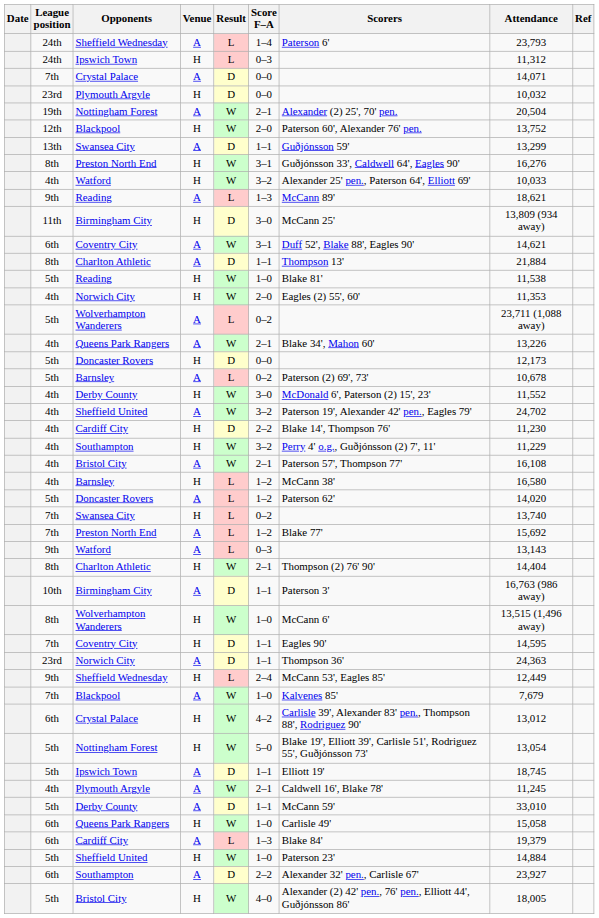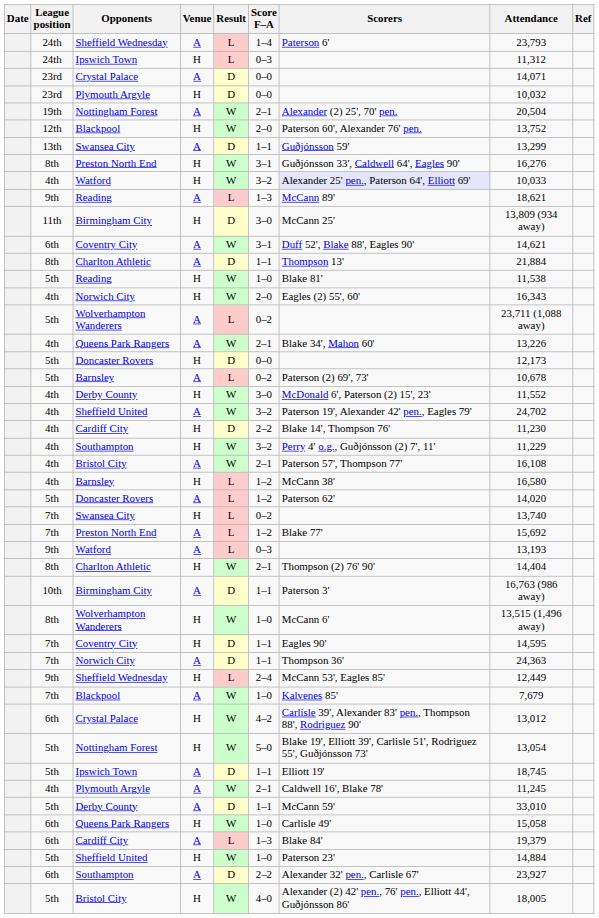 <table class="wikitable plainrowheaders sortable" style="text-align:center">
 <tr>
 <th scope="col">Date</th>
 <th scope="col">League<br>position</th>
 <th scope="col">Opponents</th>
 <th scope="col">Venue</th>
 <th scope="col">Result</th>
 <th scope="col">Score<br>F–A</th>
 <th scope="col" class="unsortable">Scorers</th>
 <th scope="col">Attendance</th>
 <th scope="col" class="unsortable">Ref</th>
 </tr>
 <tr>
 <th scope="row"></th>
 <td>24th</td>
 <td align="left"><a href='#'>Sheffield Wednesday</a></td>
 <td><a href='#'>A</a></td>
 <td bgcolor="ffcccc">L</td>
 <td>1–4</td>
 <td align="left"><a href='#'>Paterson</a> 6'</td>
 <td>23,793</td>
 <td></td>
 </tr>
 <tr>
 <th scope="row"></th>
 <td>24th</td>
 <td align="left"><a href='#'>Ipswich Town</a></td>
 <td>H</td>
 <td bgcolor="ffcccc">L</td>
 <td>0–3</td>
 <td align="left"></td>
 <td>11,312</td>
 <td></td>
 </tr>
 <tr>
 <th scope="row"></th>
-<td>7th</td>
+<td>23rd</td>
 <td align="left"><a href='#'>Crystal Palace</a></td>
 <td><a href='#'>A</a></td>
 <td bgcolor="#ffffcc">D</td>
 <td>0–0</td>
 <td align="left"></td>
 <td>14,071</td>
 <td></td>
 </tr>
 <tr>
 <th scope="row"></th>
 <td>23rd</td>
 <td align="left"><a href='#'>Plymouth Argyle</a></td>
 <td>H</td>
 <td bgcolor="#ffffcc">D</td>
 <td>0–0</td>
 <td align="left"></td>
 <td>10,032</td>
 <td></td>
 </tr>
 <tr>
 <th scope="row"></th>
 <td>19th</td>
 <td align="left"><a href='#'>Nottingham Forest</a></td>
 <td><a href='#'>A</a></td>
 <td bgcolor="#ccffcc">W</td>
 <td>2–1</td>
 <td align="left"><a href='#'>Alexander</a> (2) 25', 70' <a href='#'>pen.</a></td>
 <td>20,504</td>
 <td></td>
 </tr>
 <tr>
 <th scope="row"></th>
 <td>12th</td>
 <td align="left"><a href='#'>Blackpool</a></td>
 <td>H</td>
 <td bgcolor="#ccffcc">W</td>
 <td>2–0</td>
 <td align="left">Paterson 60', Alexander 76' <a href='#'>pen.</a></td>
 <td>13,752</td>
 <td></td>
 </tr>
 <tr>
 <th scope="row"></th>
 <td>13th</td>
 <td align="left"><a href='#'>Swansea City</a></td>
 <td><a href='#'>A</a></td>
 <td bgcolor="#ffffcc">D</td>
 <td>1–1</td>
 <td align="left"><a href='#'>Guðjónsson</a> 59'</td>
 <td>13,299</td>
 <td></td>
 </tr>
 <tr>
 <th scope="row"></th>
 <td>8th</td>
 <td align="left"><a href='#'>Preston North End</a></td>
 <td>H</td>
 <td bgcolor="#ccffcc">W</td>
 <td>3–1</td>
 <td align="left">Guðjónsson 33', <a href='#'>Caldwell</a> 64', <a href='#'>Eagles</a> 90'</td>
 <td>16,276</td>
 <td></td>
 </tr>
 <tr>
 <th scope="row"></th>
 <td>4th</td>
 <td align="left"><a href='#'>Watford</a></td>
 <td>H</td>
 <td bgcolor="#ccffcc">W</td>
 <td>3–2</td>
-<td align="left">Alexander 25' <a href='#'>pen.</a>, Paterson 64', <a href='#'>Elliott</a> 69'</td>
+<td align="left" style="background: lavender;">Alexander 25' <a href='#'>pen.</a>, Paterson 64', <a href='#'>Elliott</a> 69'</td>
 <td>10,033</td>
 <td></td>
 </tr>
 <tr>
 <th scope="row"></th>
 <td>9th</td>
 <td align="left"><a href='#'>Reading</a></td>
 <td><a href='#'>A</a></td>
 <td bgcolor="#ffcccc">L</td>
 <td>1–3</td>
 <td align="left"><a href='#'>McCann</a> 89'</td>
 <td>18,621</td>
 <td></td>
 </tr>
 <tr>
 <th scope="row"></th>
 <td>11th</td>
 <td align="left"><a href='#'>Birmingham City</a></td>
 <td>H</td>
 <td bgcolor="#ffffcc">D</td>
 <td>3–0</td>
 <td align="left">McCann 25'</td>
 <td>13,809 (934 away)</td>
 <td></td>
 </tr>
 <tr>
 <th scope="row"></th>
 <td>6th</td>
 <td align="left"><a href='#'>Coventry City</a></td>
 <td><a href='#'>A</a></td>
 <td bgcolor="#ccffcc">W</td>
 <td>3–1</td>
 <td align="left"><a href='#'>Duff</a> 52', <a href='#'>Blake</a> 88', Eagles 90'</td>
 <td>14,621</td>
 <td></td>
 </tr>
 <tr>
 <th scope="row"></th>
 <td>8th</td>
 <td align="left"><a href='#'>Charlton Athletic</a></td>
 <td><a href='#'>A</a></td>
 <td bgcolor="#ffffcc">D</td>
 <td>1–1</td>
 <td align="left"><a href='#'>Thompson</a> 13'</td>
 <td>21,884</td>
 <td></td>
 </tr>
 <tr>
 <th scope="row"></th>
 <td>5th</td>
 <td align="left"><a href='#'>Reading</a></td>
 <td>H</td>
 <td bgcolor="#ccffcc">W</td>
 <td>1–0</td>
 <td align="left">Blake 81'</td>
 <td>11,538</td>
 <td></td>
 </tr>
 <tr>
 <th scope="row"></th>
 <td>4th</td>
 <td align="left"><a href='#'>Norwich City</a></td>
 <td>H</td>
 <td bgcolor="#ccffcc">W</td>
 <td>2–0</td>
 <td align="left">Eagles (2) 55', 60'</td>
-<td>11,353</td>
+<td>16,343</td>
 <td></td>
 </tr>
 <tr>
 <th scope="row"></th>
 <td>5th</td>
 <td align="left"><a href='#'>Wolverhampton Wanderers</a></td>
 <td><a href='#'>A</a></td>
 <td bgcolor="#ffcccc">L</td>
 <td>0–2</td>
 <td></td>
 <td>23,711 (1,088 away)</td>
 <td></td>
 </tr>
 <tr>
 <th scope="row"></th>
 <td>4th</td>
 <td align="left"><a href='#'>Queens Park Rangers</a></td>
 <td><a href='#'>A</a></td>
 <td bgcolor="#ccffcc">W</td>
 <td>2–1</td>
 <td align="left">Blake 34', <a href='#'>Mahon</a> 60'</td>
 <td>13,226</td>
 <td></td>
 </tr>
 <tr>
 <th scope="row"></th>
 <td>5th</td>
 <td align="left"><a href='#'>Doncaster Rovers</a></td>
 <td>H</td>
 <td bgcolor="#ffffcc">D</td>
 <td>0–0</td>
 <td align="left"></td>
 <td>12,173</td>
 <td></td>
 </tr>
 <tr>
 <th scope="row"></th>
 <td>5th</td>
 <td align="left"><a href='#'>Barnsley</a></td>
 <td><a href='#'>A</a></td>
 <td bgcolor="#ffcccc">L</td>
 <td>0–2</td>
 <td align="left">Paterson (2) 69', 73'</td>
 <td>10,678</td>
 <td></td>
 </tr>
 <tr>
 <th scope="row"></th>
 <td>4th</td>
 <td align="left"><a href='#'>Derby County</a></td>
 <td>H</td>
 <td bgcolor="#ccffcc">W</td>
 <td>3–0</td>
 <td align="left"><a href='#'>McDonald</a> 6', Paterson (2) 15', 23'</td>
 <td>11,552</td>
 <td></td>
 </tr>
 <tr>
 <th scope="row"></th>
 <td>4th</td>
 <td align="left"><a href='#'>Sheffield United</a></td>
 <td><a href='#'>A</a></td>
 <td bgcolor="#ccffcc">W</td>
 <td>3–2</td>
 <td align="left">Paterson 19', Alexander 42' <a href='#'>pen.</a>, Eagles 79'</td>
 <td>24,702</td>
 <td></td>
 </tr>
 <tr>
 <th scope="row"></th>
 <td>4th</td>
 <td align="left"><a href='#'>Cardiff City</a></td>
 <td>H</td>
 <td bgcolor="#ffffcc">D</td>
 <td>2–2</td>
 <td align="left">Blake 14', Thompson 76'</td>
 <td>11,230</td>
 <td></td>
 </tr>
 <tr>
 <th scope="row"></th>
 <td>4th</td>
 <td align="left"><a href='#'>Southampton</a></td>
 <td>H</td>
 <td bgcolor="#ccffcc">W</td>
 <td>3–2</td>
 <td align="left"><a href='#'>Perry</a> 4' <a href='#'>o.g.</a>, Guðjónsson (2) 7', 11'</td>
 <td>11,229</td>
 <td></td>
 </tr>
 <tr>
 <th scope="row"></th>
 <td>4th</td>
 <td align="left"><a href='#'>Bristol City</a></td>
 <td><a href='#'>A</a></td>
 <td bgcolor="#ccffcc">W</td>
 <td>2–1</td>
 <td align="left">Paterson 57', Thompson 77'</td>
 <td>16,108</td>
 <td></td>
 </tr>
 <tr>
 <th scope="row"></th>
 <td>4th</td>
 <td align="left"><a href='#'>Barnsley</a></td>
 <td>H</td>
 <td bgcolor="#ffcccc">L</td>
 <td>1–2</td>
 <td align="left">McCann 38'</td>
 <td>16,580</td>
 <td></td>
 </tr>
 <tr>
 <th scope="row"></th>
 <td>5th</td>
 <td align="left"><a href='#'>Doncaster Rovers</a></td>
 <td><a href='#'>A</a></td>
 <td bgcolor="#ffcccc">L</td>
 <td>1–2</td>
 <td align="left">Paterson 62'</td>
 <td>14,020</td>
 <td></td>
 </tr>
 <tr>
 <th scope="row"></th>
 <td>7th</td>
 <td align="left"><a href='#'>Swansea City</a></td>
 <td>H</td>
 <td bgcolor="#ffcccc">L</td>
 <td>0–2</td>
 <td align="left"></td>
 <td>13,740</td>
 <td></td>
 </tr>
 <tr>
 <th scope="row"></th>
 <td>7th</td>
 <td align="left"><a href='#'>Preston North End</a></td>
 <td><a href='#'>A</a></td>
 <td bgcolor="#ffcccc">L</td>
 <td>1–2</td>
 <td align="left">Blake 77'</td>
 <td>15,692</td>
 <td></td>
 </tr>
 <tr>
 <th scope="row"></th>
 <td>9th</td>
 <td align="left"><a href='#'>Watford</a></td>
 <td><a href='#'>A</a></td>
 <td bgcolor="#ffcccc">L</td>
 <td>0–3</td>
 <td align="left"></td>
-<td>13,143</td>
+<td>13,193</td>
 <td></td>
 </tr>
 <tr>
 <th scope="row"></th>
 <td>8th</td>
 <td align="left"><a href='#'>Charlton Athletic</a></td>
 <td>H</td>
 <td bgcolor="#ccffcc">W</td>
 <td>2–1</td>
 <td align="left">Thompson (2) 76' 90'</td>
 <td>14,404</td>
 <td></td>
 </tr>
 <tr>
 <th scope="row"></th>
 <td>10th</td>
 <td align="left"><a href='#'>Birmingham City</a></td>
 <td><a href='#'>A</a></td>
 <td bgcolor="#ffffcc">D</td>
 <td>1–1</td>
 <td align="left">Paterson 3'</td>
 <td>16,763 (986 away)</td>
 <td></td>
 </tr>
 <tr>
 <th scope="row"></th>
 <td>8th</td>
 <td align="left"><a href='#'>Wolverhampton Wanderers</a></td>
 <td>H</td>
 <td bgcolor="#ccffcc">W</td>
 <td>1–0</td>
 <td align="left">McCann 6'</td>
 <td>13,515 (1,496 away)</td>
 <td></td>
 </tr>
 <tr>
 <th scope="row"></th>
 <td>7th</td>
 <td align="left"><a href='#'>Coventry City</a></td>
 <td>H</td>
 <td bgcolor="#ffffcc">D</td>
 <td>1–1</td>
 <td align="left">Eagles 90'</td>
 <td>14,595</td>
 <td></td>
 </tr>
 <tr>
 <th scope="row"></th>
-<td>23rd</td>
+<td>7th</td>
 <td align="left"><a href='#'>Norwich City</a></td>
 <td><a href='#'>A</a></td>
 <td bgcolor="#ffffcc">D</td>
 <td>1–1</td>
 <td align="left">Thompson 36'</td>
 <td>24,363</td>
 <td></td>
 </tr>
 <tr>
 <th scope="row"></th>
 <td>9th</td>
 <td align="left"><a href='#'>Sheffield Wednesday</a></td>
 <td>H</td>
 <td bgcolor="#ffcccc">L</td>
 <td>2–4</td>
 <td align="left">McCann 53', Eagles 85'</td>
 <td>12,449</td>
 <td></td>
 </tr>
 <tr>
 <th scope="row"></th>
 <td>7th</td>
 <td align="left"><a href='#'>Blackpool</a></td>
 <td><a href='#'>A</a></td>
 <td bgcolor="#ccffcc">W</td>
 <td>1–0</td>
 <td align="left"><a href='#'>Kalvenes</a> 85'</td>
 <td>7,679</td>
 <td></td>
 </tr>
 <tr>
 <th scope="row"></th>
 <td>6th</td>
 <td align="left"><a href='#'>Crystal Palace</a></td>
 <td>H</td>
 <td bgcolor="#ccffcc">W</td>
 <td>4–2</td>
 <td align="left"><a href='#'>Carlisle</a> 39', Alexander 83' <a href='#'>pen.</a>, Thompson 88', <a href='#'>Rodriguez</a> 90'</td>
 <td>13,012</td>
 <td></td>
 </tr>
 <tr>
 <th scope="row"></th>
 <td>5th</td>
 <td align="left"><a href='#'>Nottingham Forest</a></td>
 <td>H</td>
 <td bgcolor="#ccffcc">W</td>
 <td>5–0</td>
 <td align="left">Blake 19', Elliott 39', Carlisle 51', Rodriguez 55', Guðjónsson 73'</td>
 <td>13,054</td>
 <td></td>
 </tr>
 <tr>
 <th scope="row"></th>
 <td>5th</td>
 <td align="left"><a href='#'>Ipswich Town</a></td>
 <td><a href='#'>A</a></td>
 <td bgcolor="#ffffcc">D</td>
 <td>1–1</td>
 <td align="left">Elliott 19'</td>
 <td>18,745</td>
 <td></td>
 </tr>
 <tr>
 <th scope="row"></th>
 <td>4th</td>
 <td align="left"><a href='#'>Plymouth Argyle</a></td>
 <td><a href='#'>A</a></td>
 <td bgcolor="#ccffcc">W</td>
 <td>2–1</td>
 <td align="left">Caldwell 16', Blake 78'</td>
 <td>11,245</td>
 <td></td>
 </tr>
 <tr>
 <th scope="row"></th>
 <td>5th</td>
 <td align="left"><a href='#'>Derby County</a></td>
 <td><a href='#'>A</a></td>
 <td bgcolor="#ffffcc">D</td>
 <td>1–1</td>
 <td align="left">McCann 59'</td>
 <td>33,010</td>
 <td></td>
 </tr>
 <tr>
 <th scope="row"></th>
 <td>6th</td>
 <td align="left"><a href='#'>Queens Park Rangers</a></td>
 <td>H</td>
 <td bgcolor="#ccffcc">W</td>
 <td>1–0</td>
 <td align="left">Carlisle 49'</td>
 <td>15,058</td>
 <td></td>
 </tr>
 <tr>
 <th scope="row"></th>
 <td>6th</td>
 <td align="left"><a href='#'>Cardiff City</a></td>
 <td><a href='#'>A</a></td>
 <td bgcolor="#ffcccc">L</td>
 <td>1–3</td>
 <td align="left">Blake 84'</td>
 <td>19,379</td>
 <td></td>
 </tr>
 <tr>
 <th scope="row"></th>
 <td>5th</td>
 <td align="left"><a href='#'>Sheffield United</a></td>
 <td>H</td>
 <td bgcolor="#ccffcc">W</td>
 <td>1–0</td>
 <td align="left">Paterson 23'</td>
 <td>14,884</td>
 <td></td>
 </tr>
 <tr>
 <th scope="row"></th>
 <td>6th</td>
 <td align="left"><a href='#'>Southampton</a></td>
 <td><a href='#'>A</a></td>
 <td bgcolor="#ffffcc">D</td>
 <td>2–2</td>
 <td align="left">Alexander 32' <a href='#'>pen.</a>, Carlisle 67'</td>
 <td>23,927</td>
 <td></td>
 </tr>
 <tr>
 <th scope="row"></th>
 <td>5th</td>
 <td align="left"><a href='#'>Bristol City</a></td>
 <td>H</td>
 <td bgcolor="#ccffcc">W</td>
 <td>4–0</td>
 <td align="left">Alexander (2) 42' <a href='#'>pen.</a>, 76' <a href='#'>pen.</a>, Elliott 44', Guðjónsson 86'</td>
 <td>18,005</td>
 <td></td>
 </tr>
 </table>
